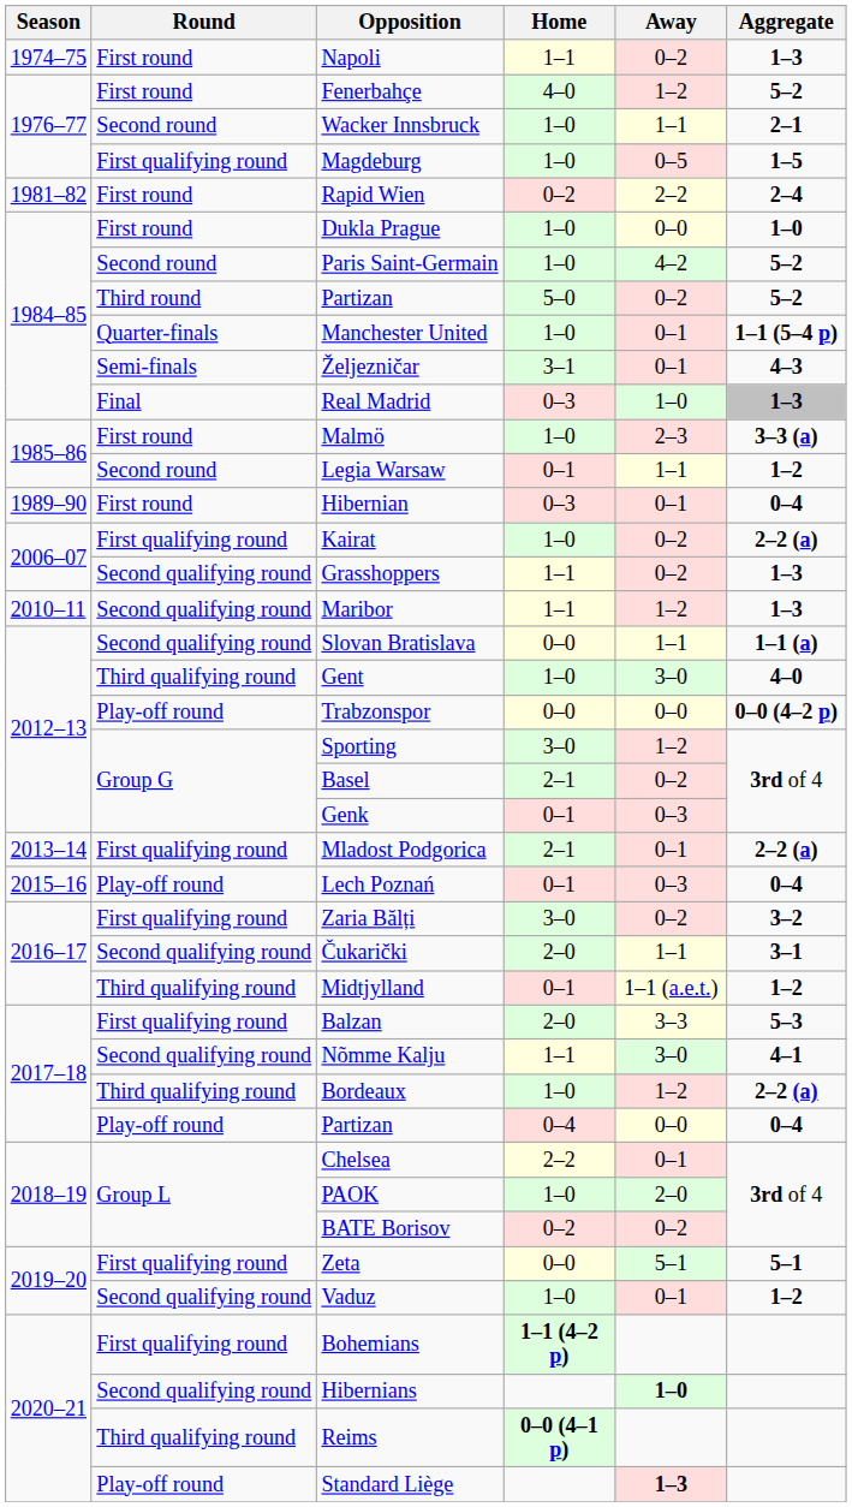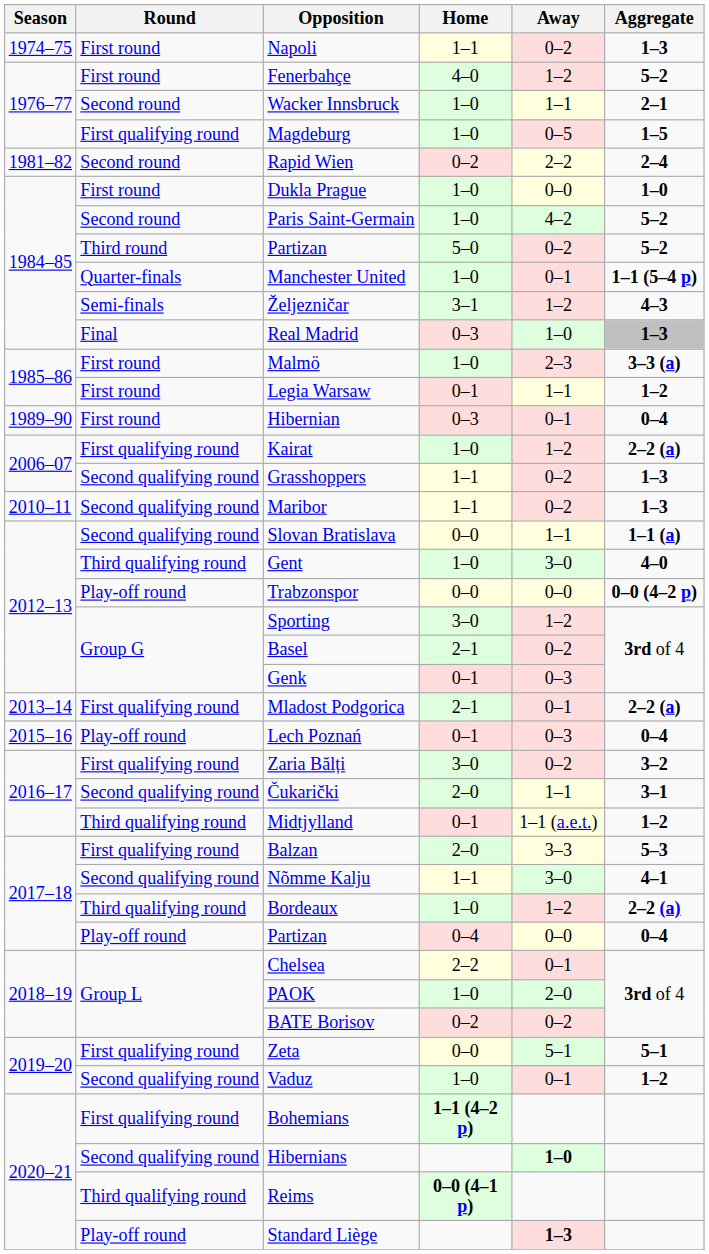 <table class="wikitable">
 <tr>
 <th>Season</th>
 <th>Round</th>
 <th>Opposition</th>
 <th width=75>Home</th>
 <th width=75>Away</th>
 <th width=80>Aggregate</th>
 </tr>
 <tr>
 <td><a href='#'>1974–75</a></td>
 <td><a href='#'>First round</a></td>
 <td> <a href='#'>Napoli</a></td>
 <td style="text-align:center; background:#ffd;">1–1</td>
 <td style="text-align:center; background:#fdd;">0–2</td>
 <td style="text-align:center;"><strong>1–3</strong></td>
 </tr>
 <tr>
 <td rowspan="3"><a href='#'>1976–77</a></td>
 <td><a href='#'>First round</a></td>
 <td> <a href='#'>Fenerbahçe</a></td>
 <td style="text-align:center; background:#dfd;">4–0</td>
 <td style="text-align:center; background:#fdd;">1–2</td>
 <td style="text-align:center;"><strong>5–2</strong></td>
 </tr>
 <tr>
 <td><a href='#'>Second round</a></td>
 <td> <a href='#'>Wacker Innsbruck</a></td>
 <td style="text-align:center; background:#dfd;">1–0</td>
 <td style="text-align:center; background:#ffd;">1–1</td>
 <td style="text-align:center;"><strong>2–1</strong></td>
 </tr>
 <tr>
 <td><a href='#'>First qualifying round</a></td>
 <td> <a href='#'>Magdeburg</a></td>
 <td style="text-align:center; background:#dfd;">1–0</td>
 <td style="text-align:center; background:#fdd;">0–5</td>
 <td style="text-align:center;"><strong>1–5</strong></td>
 </tr>
 <tr>
 <td><a href='#'>1981–82</a></td>
-<td><a href='#'>First round</a></td>
+<td><a href='#'>Second round</a></td>
 <td> <a href='#'>Rapid Wien</a></td>
 <td style="text-align:center; background:#fdd;">0–2</td>
 <td style="text-align:center; background:#ffd;">2–2</td>
 <td style="text-align:center;"><strong>2–4</strong></td>
 </tr>
 <tr>
 <td rowspan="6"><a href='#'>1984–85</a></td>
 <td><a href='#'>First round</a></td>
 <td> <a href='#'>Dukla Prague</a></td>
 <td style="text-align:center; background:#dfd;">1–0</td>
 <td style="text-align:center; background:#ffd;">0–0</td>
 <td style="text-align:center;"><strong>1–0</strong></td>
 </tr>
 <tr>
 <td><a href='#'>Second round</a></td>
 <td> <a href='#'>Paris Saint-Germain</a></td>
 <td style="text-align:center; background:#dfd;">1–0</td>
 <td style="text-align:center; background:#dfd;">4–2</td>
 <td style="text-align:center;"><strong>5–2</strong></td>
 </tr>
 <tr>
 <td><a href='#'>Third round</a></td>
 <td> <a href='#'>Partizan</a></td>
 <td style="text-align:center; background:#dfd;">5–0</td>
 <td style="text-align:center; background:#fdd;">0–2</td>
 <td style="text-align:center;"><strong>5–2</strong></td>
 </tr>
 <tr>
 <td><a href='#'>Quarter-finals</a></td>
 <td> <a href='#'>Manchester United</a></td>
 <td style="text-align:center; background:#dfd;">1–0</td>
 <td style="text-align:center; background:#fdd;">0–1</td>
 <td style="text-align:center;"><strong>1–1 (5–4 <a href='#'>p</a>)</strong></td>
 </tr>
 <tr>
 <td><a href='#'>Semi-finals</a></td>
 <td> <a href='#'>Željezničar</a></td>
 <td style="text-align:center; background:#dfd;">3–1</td>
-<td style="text-align:center; background:#fdd;">0–1</td>
+<td style="text-align:center; background:#fdd;">1–2</td>
 <td style="text-align:center;"><strong>4–3</strong></td>
 </tr>
 <tr>
 <td><a href='#'>Final</a></td>
 <td> <a href='#'>Real Madrid</a></td>
 <td style="text-align:center; background:#fdd;">0–3</td>
 <td style="text-align:center; background:#dfd;">1–0</td>
 <td bgcolor=Silver style="text-align:center;"><strong>1–3</strong></td>
 </tr>
 <tr>
 <td rowspan="2"><a href='#'>1985–86</a></td>
 <td><a href='#'>First round</a></td>
 <td> <a href='#'>Malmö</a></td>
 <td style="text-align:center; background:#dfd;">1–0</td>
 <td style="text-align:center; background:#fdd;">2–3</td>
 <td style="text-align:center;"><strong>3–3 (<a href='#'>a</a>)</strong></td>
 </tr>
 <tr>
-<td><a href='#'>Second round</a></td>
+<td><a href='#'>First round</a></td>
 <td> <a href='#'>Legia Warsaw</a></td>
 <td style="text-align:center; background:#fdd;">0–1</td>
 <td style="text-align:center; background:#ffd;">1–1</td>
 <td style="text-align:center;"><strong>1–2</strong></td>
 </tr>
 <tr>
 <td><a href='#'>1989–90</a></td>
 <td><a href='#'>First round</a></td>
 <td> <a href='#'>Hibernian</a></td>
 <td style="text-align:center; background:#fdd;">0–3</td>
 <td style="text-align:center; background:#fdd;">0–1</td>
 <td style="text-align:center;"><strong>0–4</strong></td>
 </tr>
 <tr>
 <td rowspan="2"><a href='#'>2006–07</a></td>
 <td><a href='#'>First qualifying round</a></td>
 <td> <a href='#'>Kairat</a></td>
 <td style="text-align:center; background:#dfd;">1–0</td>
-<td style="text-align:center; background:#fdd;">0–2</td>
+<td style="text-align:center; background:#fdd;">1–2</td>
 <td style="text-align:center;"><strong>2–2 (<a href='#'>a</a>)</strong></td>
 </tr>
 <tr>
 <td><a href='#'>Second qualifying round</a></td>
 <td> <a href='#'>Grasshoppers</a></td>
 <td style="text-align:center; background:#ffd;">1–1</td>
 <td style="text-align:center; background:#fdd;">0–2</td>
 <td style="text-align:center;"><strong>1–3</strong></td>
 </tr>
 <tr>
 <td><a href='#'>2010–11</a></td>
 <td><a href='#'>Second qualifying round</a></td>
 <td> <a href='#'>Maribor</a></td>
 <td style="text-align:center; background:#ffd;">1–1</td>
-<td style="text-align:center; background:#fdd;">1–2</td>
+<td style="text-align:center; background:#fdd;">0–2</td>
 <td style="text-align:center;"><strong>1–3</strong></td>
 </tr>
 <tr>
 <td rowspan="6"><a href='#'>2012–13</a></td>
 <td><a href='#'>Second qualifying round</a></td>
 <td> <a href='#'>Slovan Bratislava</a></td>
 <td style="text-align:center; background:#ffd;">0–0</td>
 <td style="text-align:center; background:#ffd;">1–1</td>
 <td style="text-align:center;"><strong>1–1 (<a href='#'>a</a>)</strong></td>
 </tr>
 <tr>
 <td><a href='#'>Third qualifying round</a></td>
 <td> <a href='#'>Gent</a></td>
 <td style="text-align:center; background:#dfd;">1–0</td>
 <td style="text-align:center; background:#dfd;">3–0</td>
 <td style="text-align:center;"><strong>4–0</strong></td>
 </tr>
 <tr>
 <td><a href='#'>Play-off round</a></td>
 <td> <a href='#'>Trabzonspor</a></td>
 <td style="text-align:center; background:#ffd;">0–0</td>
 <td style="text-align:center; background:#ffd;">0–0</td>
 <td style="text-align:center;"><strong>0–0 (4–2 <a href='#'>p</a>)</strong></td>
 </tr>
 <tr>
 <td rowspan="3"><a href='#'>Group G</a></td>
 <td> <a href='#'>Sporting</a></td>
 <td style="text-align:center; background:#dfd;">3–0</td>
 <td style="text-align:center; background:#fdd;">1–2</td>
 <td style="text-align:center"; rowspan=3><strong>3rd</strong> of 4</td>
 </tr>
 <tr>
 <td> <a href='#'>Basel</a></td>
 <td style="text-align:center; background:#dfd;">2–1</td>
 <td style="text-align:center; background:#fdd;">0–2</td>
 </tr>
 <tr>
 <td> <a href='#'>Genk</a></td>
 <td style="text-align:center; background:#fdd;">0–1</td>
 <td style="text-align:center; background:#fdd;">0–3</td>
 </tr>
 <tr>
 <td><a href='#'>2013–14</a></td>
 <td><a href='#'>First qualifying round</a></td>
 <td> <a href='#'>Mladost Podgorica</a></td>
 <td style="text-align:center; background:#dfd;">2–1</td>
 <td style="text-align:center; background:#fdd;">0–1</td>
 <td style="text-align:center;"><strong>2–2 (<a href='#'>a</a>)</strong></td>
 </tr>
 <tr>
 <td><a href='#'>2015–16</a></td>
 <td><a href='#'>Play-off round</a></td>
 <td> <a href='#'>Lech Poznań</a></td>
 <td style="text-align:center; background:#fdd;">0–1</td>
 <td style="text-align:center; background:#fdd;">0–3</td>
 <td style="text-align:center;"><strong>0–4</strong></td>
 </tr>
 <tr>
 <td rowspan="3"><a href='#'>2016–17</a></td>
 <td><a href='#'>First qualifying round</a></td>
 <td> <a href='#'>Zaria Bălți</a></td>
 <td style="text-align:center; background:#dfd;">3–0</td>
 <td style="text-align:center; background:#fdd;">0–2</td>
 <td style="text-align:center;"><strong>3–2</strong></td>
 </tr>
 <tr>
 <td><a href='#'>Second qualifying round</a></td>
 <td> <a href='#'>Čukarički</a></td>
 <td style="text-align:center; background:#dfd;">2–0</td>
 <td style="text-align:center; background:#ffd;">1–1</td>
 <td style="text-align:center;"><strong>3–1</strong></td>
 </tr>
 <tr>
 <td><a href='#'>Third qualifying round</a></td>
 <td> <a href='#'>Midtjylland</a></td>
 <td style="text-align:center; background:#fdd;">0–1</td>
 <td style="text-align:center; background:#ffd;">1–1 (<a href='#'>a.e.t.</a>)</td>
 <td style="text-align:center;"><strong>1–2</strong></td>
 </tr>
 <tr>
 <td rowspan="4"><a href='#'>2017–18</a></td>
 <td><a href='#'>First qualifying round</a></td>
 <td> <a href='#'>Balzan</a></td>
 <td style="text-align:center; background:#dfd;">2–0</td>
 <td style="text-align:center; background:#ffd;">3–3</td>
 <td style="text-align:center;"><strong>5–3</strong></td>
 </tr>
 <tr>
 <td><a href='#'>Second qualifying round</a></td>
 <td> <a href='#'>Nõmme Kalju</a></td>
 <td style="text-align:center; background:#ffd;">1–1</td>
 <td style="text-align:center; background:#dfd;">3–0</td>
 <td style="text-align:center;"><strong>4–1</strong></td>
 </tr>
 <tr>
 <td><a href='#'>Third qualifying round</a></td>
 <td> <a href='#'>Bordeaux</a></td>
 <td style="text-align:center; background:#dfd;">1–0</td>
 <td style="text-align:center; background:#fdd;">1–2</td>
 <td style="text-align:center;"><strong>2–2 <a href='#'>(a)</a></strong></td>
 </tr>
 <tr>
 <td><a href='#'>Play-off round</a></td>
 <td> <a href='#'>Partizan</a></td>
 <td style="text-align:center; background:#fdd;">0–4</td>
 <td style="text-align:center; background:#ffd;">0–0</td>
 <td style="text-align:center;"><strong>0–4</strong></td>
 </tr>
 <tr>
 <td rowspan="3"><a href='#'>2018–19</a></td>
 <td rowspan="3"><a href='#'>Group L</a></td>
 <td> <a href='#'>Chelsea</a></td>
 <td style="text-align:center; background:#ffd;">2–2</td>
 <td style="text-align:center; background:#fdd;">0–1</td>
 <td style="text-align:center"; rowspan=3><strong>3rd</strong> of 4</td>
 </tr>
 <tr>
 <td> <a href='#'>PAOK</a></td>
 <td style="text-align:center; background:#dfd;">1–0</td>
 <td style="text-align:center; background:#dfd;">2–0</td>
 </tr>
 <tr>
 <td> <a href='#'>BATE Borisov</a></td>
 <td style="text-align:center; background:#fdd;">0–2</td>
 <td style="text-align:center; background:#fdd;">0–2</td>
 </tr>
 <tr>
 <td rowspan="2"><a href='#'>2019–20</a></td>
 <td><a href='#'>First qualifying round</a></td>
 <td> <a href='#'>Zeta</a></td>
 <td style="text-align:center; background:#ffd;">0–0</td>
 <td style="text-align:center; background:#dfd;">5–1</td>
 <td align=center><strong>5–1</strong></td>
 </tr>
 <tr>
 <td><a href='#'>Second qualifying round</a></td>
 <td> <a href='#'>Vaduz</a></td>
 <td style="text-align:center; background:#dfd;">1–0</td>
 <td style="text-align:center; background:#fdd;">0–1</td>
 <td align=center><strong>1–2</strong></td>
 </tr>
 <tr>
 <td rowspan="4"><a href='#'>2020–21</a></td>
 <td><a href='#'>First qualifying round</a></td>
 <td> <a href='#'>Bohemians</a></td>
 <td style="text-align:center; background:#dfd;"><strong>1–1 (4–2 <a href='#'>p</a>)</strong></td>
 <td></td>
 <td></td>
 </tr>
 <tr>
 <td><a href='#'>Second qualifying round</a></td>
 <td> <a href='#'>Hibernians</a></td>
 <td></td>
 <td style="text-align:center; background:#dfd;"><strong>1–0</strong></td>
 <td></td>
 </tr>
 <tr>
 <td><a href='#'>Third qualifying round</a></td>
 <td> <a href='#'>Reims</a></td>
 <td style="text-align:center; background:#dfd;"><strong>0–0 (4–1 <a href='#'>p</a>)</strong></td>
 <td></td>
 <td></td>
 </tr>
 <tr>
 <td><a href='#'>Play-off round</a></td>
 <td> <a href='#'>Standard Liège</a></td>
 <td></td>
 <td style="text-align:center; background:#fdd;"><strong>1–3</strong></td>
 <td></td>
 </tr>
 </table>
